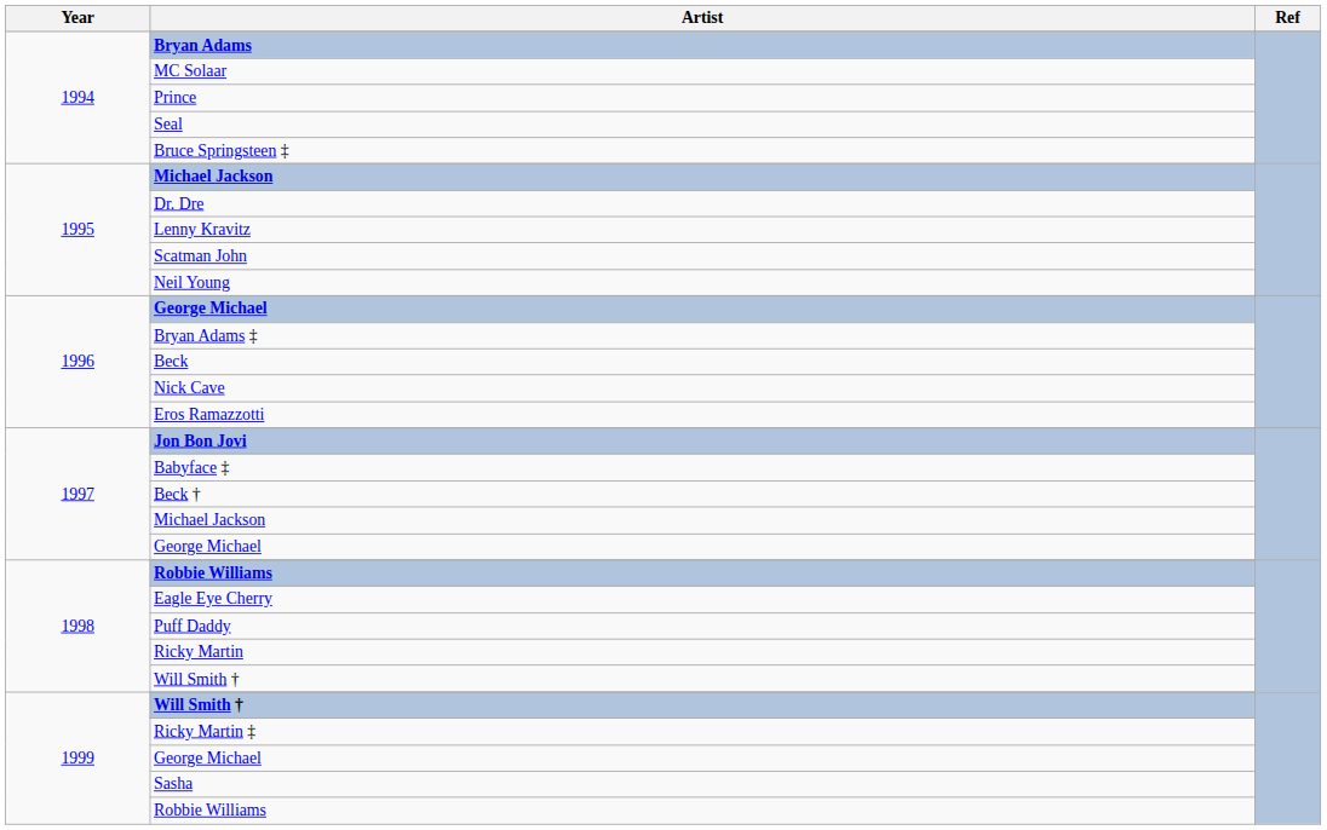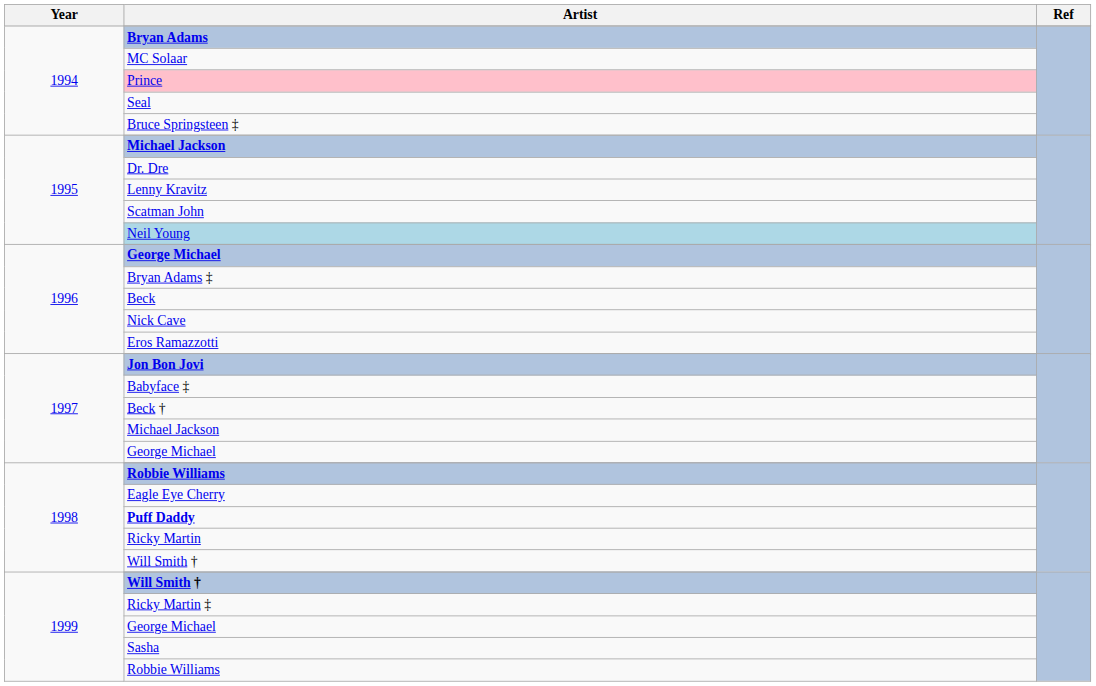 <table class="wikitable" style="width:100%;">
 <tr style="background:#bebebe;">
 <th style="width:11%;">Year</th>
 <th style="width:84%;">Artist</th>
 <th style="width:5%;">Ref</th>
 </tr>
 <tr>
 <td rowspan="6" align="center"><a href='#'>1994</a></td>
 </tr>
 <tr style="background:#B0C4DE">
 <td><strong><a href='#'>Bryan Adams</a></strong></td>
 <td rowspan="6" align="center"></td>
 </tr>
 <tr>
 <td><a href='#'>MC Solaar</a></td>
 </tr>
 <tr>
-<td><a href='#'>Prince</a></td>
+<td style="background: pink;"><a href='#'>Prince</a></td>
 </tr>
 <tr>
 <td><a href='#'>Seal</a></td>
 </tr>
 <tr>
 <td><a href='#'>Bruce Springsteen</a> ‡</td>
 </tr>
 <tr>
 <td rowspan="6" align="center"><a href='#'>1995</a></td>
 </tr>
 <tr style="background:#B0C4DE">
 <td><strong><a href='#'>Michael Jackson</a></strong></td>
 <td rowspan="6" align="center"></td>
 </tr>
 <tr>
 <td><a href='#'>Dr. Dre</a></td>
 </tr>
 <tr>
 <td><a href='#'>Lenny Kravitz</a></td>
 </tr>
 <tr>
 <td><a href='#'>Scatman John</a></td>
 </tr>
 <tr>
-<td><a href='#'>Neil Young</a></td>
+<td style="background: lightblue;"><a href='#'>Neil Young</a></td>
 </tr>
 <tr>
 <td rowspan="6" align="center"><a href='#'>1996</a></td>
 </tr>
 <tr style="background:#B0C4DE">
 <td><strong><a href='#'>George Michael</a></strong></td>
 <td rowspan="6" align="center"></td>
 </tr>
 <tr>
 <td><a href='#'>Bryan Adams</a> ‡</td>
 </tr>
 <tr>
 <td><a href='#'>Beck</a></td>
 </tr>
 <tr>
 <td><a href='#'>Nick Cave</a></td>
 </tr>
 <tr>
 <td><a href='#'>Eros Ramazzotti</a></td>
 </tr>
 <tr>
 <td rowspan="6" align="center"><a href='#'>1997</a></td>
 </tr>
 <tr style="background:#B0C4DE">
 <td><strong><a href='#'>Jon Bon Jovi</a></strong></td>
 <td rowspan="6" align="center"></td>
 </tr>
 <tr>
 <td><a href='#'>Babyface</a> ‡</td>
 </tr>
 <tr>
 <td><a href='#'>Beck</a> †</td>
 </tr>
 <tr>
 <td><a href='#'>Michael Jackson</a></td>
 </tr>
 <tr>
 <td><a href='#'>George Michael</a></td>
 </tr>
 <tr>
 <td rowspan="6" align="center"><a href='#'>1998</a></td>
 </tr>
 <tr style="background:#B0C4DE">
 <td><strong><a href='#'>Robbie Williams</a></strong></td>
 <td rowspan="6" align="center"></td>
 </tr>
 <tr>
 <td><a href='#'>Eagle Eye Cherry</a></td>
 </tr>
 <tr>
-<td><a href='#'>Puff Daddy</a></td>
+<td><strong><a href='#'>Puff Daddy</a></strong></td>
 </tr>
 <tr>
 <td><a href='#'>Ricky Martin</a></td>
 </tr>
 <tr>
 <td><a href='#'>Will Smith</a> †</td>
 </tr>
 <tr>
 <td rowspan="6" align="center"><a href='#'>1999</a></td>
 </tr>
 <tr style="background:#B0C4DE">
 <td><strong><a href='#'>Will Smith</a> †</strong></td>
 <td rowspan="6" align="center"></td>
 </tr>
 <tr>
 <td><a href='#'>Ricky Martin</a> ‡</td>
 </tr>
 <tr>
 <td><a href='#'>George Michael</a></td>
 </tr>
 <tr>
 <td><a href='#'>Sasha</a></td>
 </tr>
 <tr>
 <td><a href='#'>Robbie Williams</a></td>
 </tr>
 </table>
